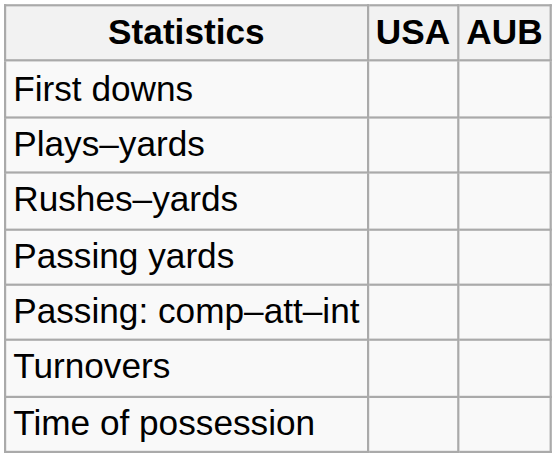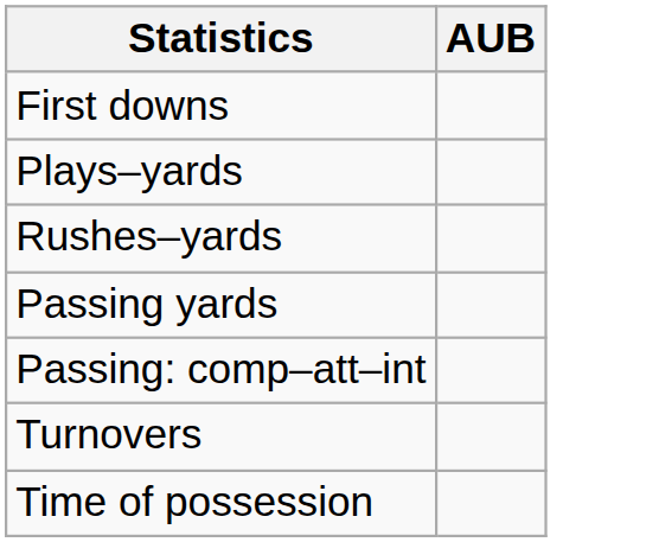 <table class="wikitable" style="float:left">
 <tr>
 <th>Statistics</th>
-<th>USA</th>
 <th>AUB</th>
 </tr>
 <tr>
 <td>First downs</td>
 <td></td>
-<td></td>
 </tr>
 <tr>
 <td>Plays–yards</td>
-<td></td>
 <td></td>
 </tr>
 <tr>
 <td>Rushes–yards</td>
 <td></td>
-<td></td>
 </tr>
 <tr>
 <td>Passing yards</td>
-<td></td>
 <td></td>
 </tr>
 <tr>
 <td>Passing: comp–att–int</td>
 <td></td>
-<td></td>
 </tr>
 <tr>
 <td>Turnovers</td>
-<td></td>
 <td></td>
 </tr>
 <tr>
 <td>Time of possession</td>
 <td></td>
-<td></td>
 </tr>
 </table>
